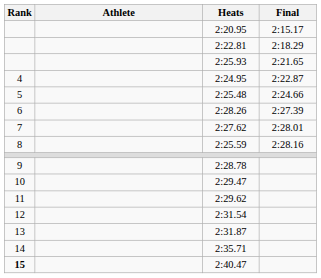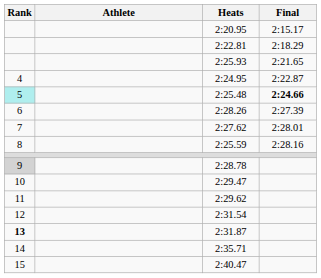 <table class=wikitable style="text-align:center">
 <tr>
 <th width=40>Rank</th>
 <th width=250>Athlete</th>
 <th width=80>Heats</th>
 <th width=80>Final</th>
 </tr>
 <tr>
 <td></td>
 <td align=left></td>
 <td>2:20.95</td>
 <td>2:15.17</td>
 </tr>
 <tr>
 <td></td>
 <td align=left></td>
 <td>2:22.81</td>
 <td>2:18.29</td>
 </tr>
 <tr>
 <td></td>
 <td align=left></td>
 <td>2:25.93</td>
 <td>2:21.65</td>
 </tr>
 <tr>
 <td>4</td>
 <td align=left></td>
 <td>2:24.95</td>
 <td>2:22.87</td>
 </tr>
 <tr>
-<td>5</td>
+<td style="background: paleturquoise;">5</td>
 <td align=left></td>
 <td>2:25.48</td>
-<td>2:24.66</td>
+<td><strong>2:24.66</strong></td>
 </tr>
 <tr>
 <td>6</td>
 <td align=left></td>
 <td>2:28.26</td>
 <td>2:27.39</td>
 </tr>
 <tr>
 <td>7</td>
 <td align=left></td>
 <td>2:27.62</td>
 <td>2:28.01</td>
 </tr>
 <tr>
 <td>8</td>
 <td align=left></td>
 <td>2:25.59</td>
 <td>2:28.16</td>
 </tr>
 <tr bgcolor=#DDDDDD>
 <td colspan=4></td>
 </tr>
 <tr>
-<td>9</td>
+<td style="background: lightgrey;">9</td>
 <td align=left></td>
 <td>2:28.78</td>
 <td></td>
 </tr>
 <tr>
 <td>10</td>
 <td align=left></td>
 <td>2:29.47</td>
 <td></td>
 </tr>
 <tr>
 <td>11</td>
 <td align=left></td>
 <td>2:29.62</td>
 <td></td>
 </tr>
 <tr>
 <td>12</td>
 <td align=left></td>
 <td>2:31.54</td>
 <td></td>
 </tr>
 <tr>
-<td>13</td>
+<td><strong>13</strong></td>
 <td align=left></td>
 <td>2:31.87</td>
 <td></td>
 </tr>
 <tr>
 <td>14</td>
 <td align=left></td>
 <td>2:35.71</td>
 <td></td>
 </tr>
 <tr>
-<td><strong>15</strong></td>
+<td>15</td>
 <td align=left></td>
 <td>2:40.47</td>
 <td></td>
 </tr>
 </table>
